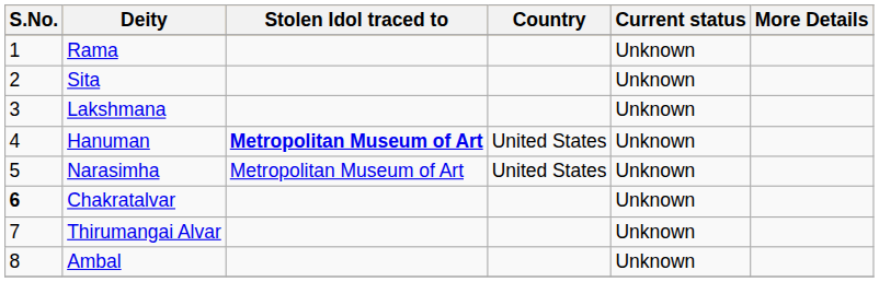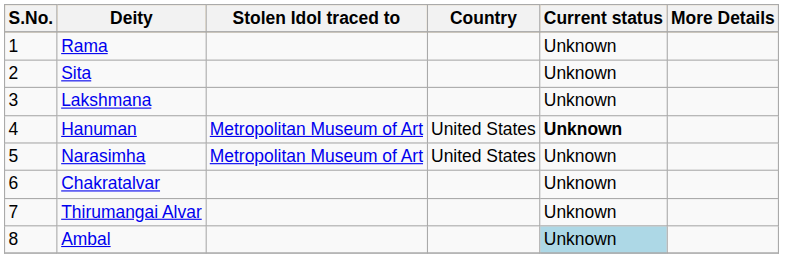 <table class="wikitable" sortable>
 <tr style="background:#FFC569">
 <th scope="col">S.No.</th>
 <th scope="col">Deity</th>
 <th scope="col">Stolen Idol traced to</th>
 <th scope="col">Country</th>
 <th scope="col">Current status</th>
 <th scope="col">More Details</th>
 </tr>
 <tr align="center">
 </tr>
 <tr style="background:#ffe;">
 </tr>
 <tr>
 <td>1</td>
 <td><a href='#'>Rama</a></td>
 <td></td>
 <td></td>
 <td>Unknown</td>
 <td></td>
 </tr>
 <tr>
 <td>2</td>
 <td><a href='#'>Sita</a></td>
 <td></td>
 <td></td>
 <td>Unknown</td>
 <td></td>
 </tr>
 <tr>
 <td>3</td>
 <td><a href='#'>Lakshmana</a></td>
 <td></td>
 <td></td>
 <td>Unknown</td>
 <td></td>
 </tr>
 <tr>
 <td>4</td>
 <td><a href='#'>Hanuman</a></td>
-<td><strong><a href='#'>Metropolitan Museum of Art</a></strong></td>
+<td><a href='#'>Metropolitan Museum of Art</a></td>
 <td>United States</td>
-<td>Unknown</td>
+<td><strong>Unknown</strong></td>
 <td></td>
 </tr>
 <tr>
 <td>5</td>
 <td><a href='#'>Narasimha</a></td>
 <td><a href='#'>Metropolitan Museum of Art</a></td>
 <td>United States</td>
 <td>Unknown</td>
 <td></td>
 </tr>
 <tr>
-<td><strong>6</strong></td>
+<td>6</td>
 <td><a href='#'>Chakratalvar</a></td>
 <td></td>
 <td></td>
 <td>Unknown</td>
 <td></td>
 </tr>
 <tr>
 <td>7</td>
 <td><a href='#'>Thirumangai Alvar</a></td>
 <td></td>
 <td></td>
 <td>Unknown</td>
 <td></td>
 </tr>
 <tr>
 <td>8</td>
 <td><a href='#'>Ambal</a></td>
 <td></td>
 <td></td>
-<td>Unknown</td>
+<td style="background: lightblue;">Unknown</td>
 <td></td>
 </tr>
 <tr>
 </tr>
 </table>
